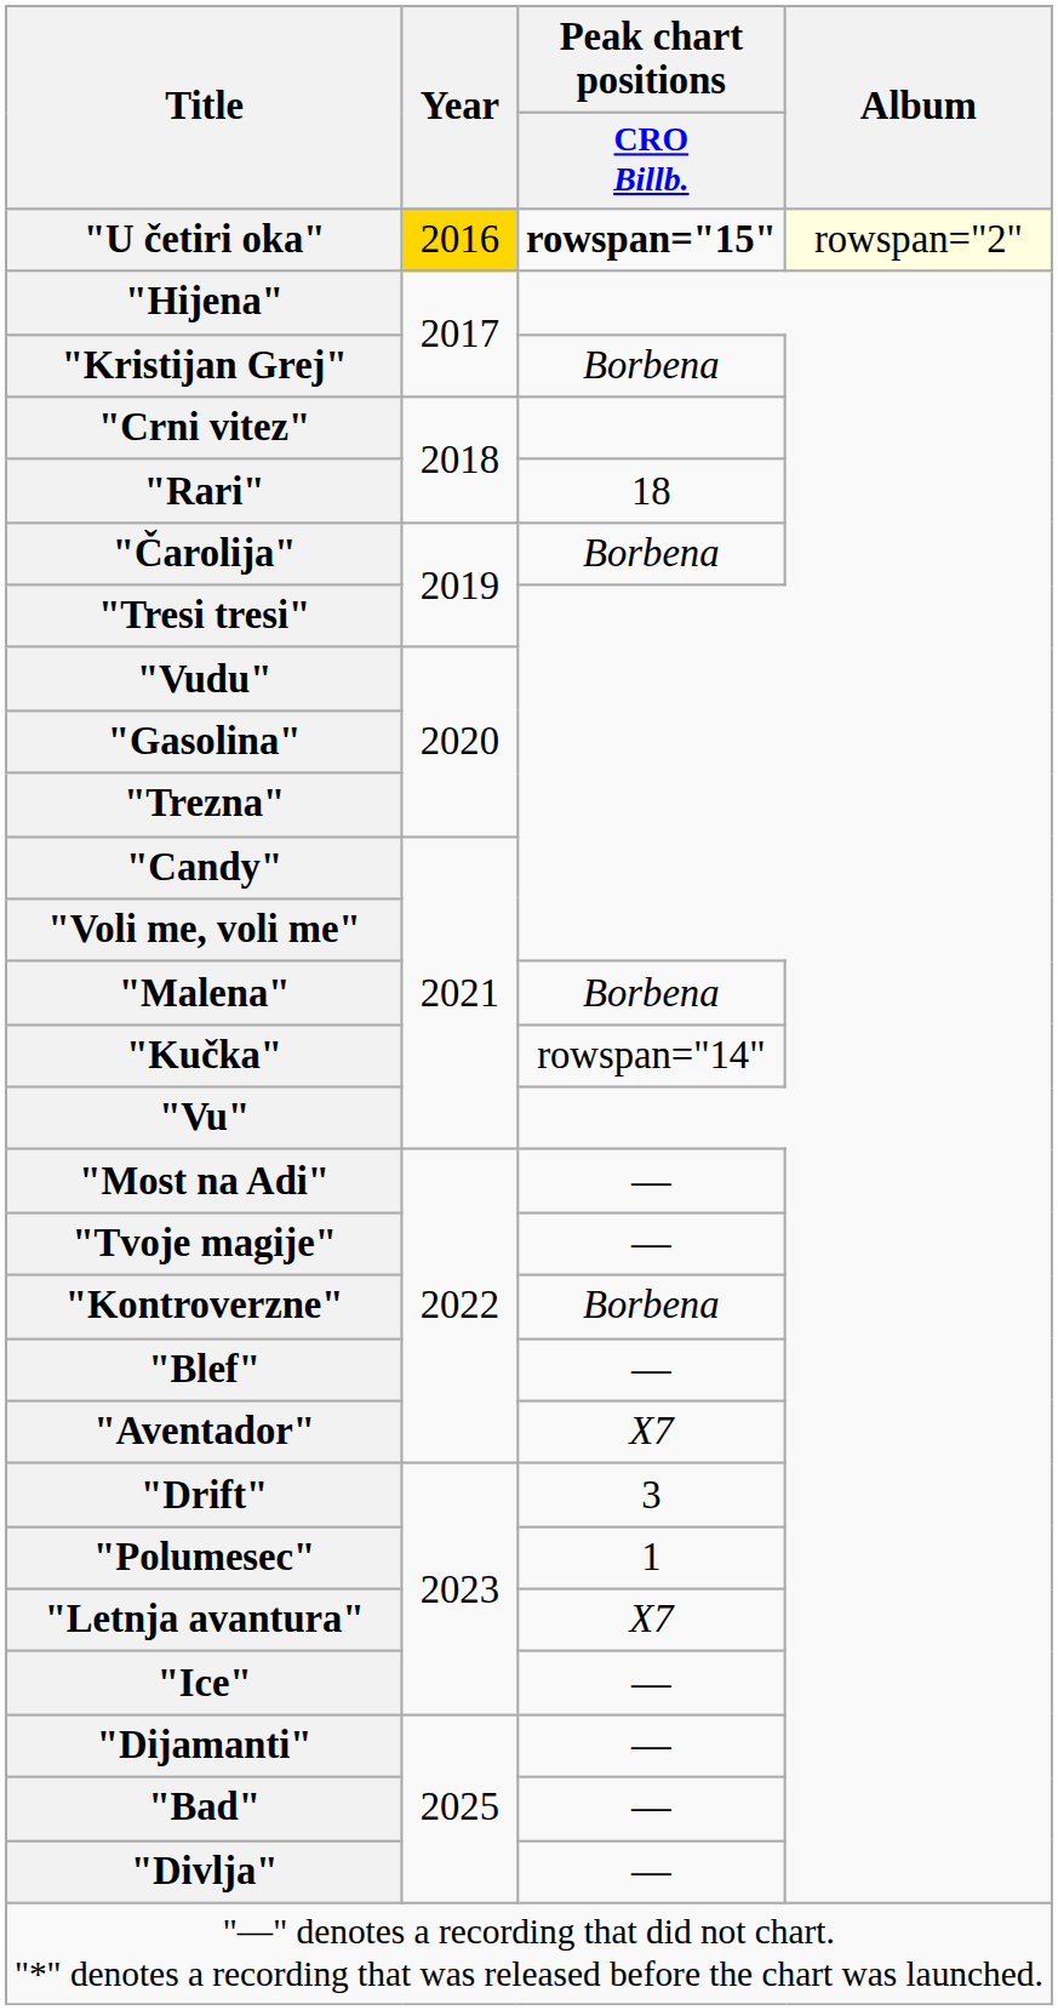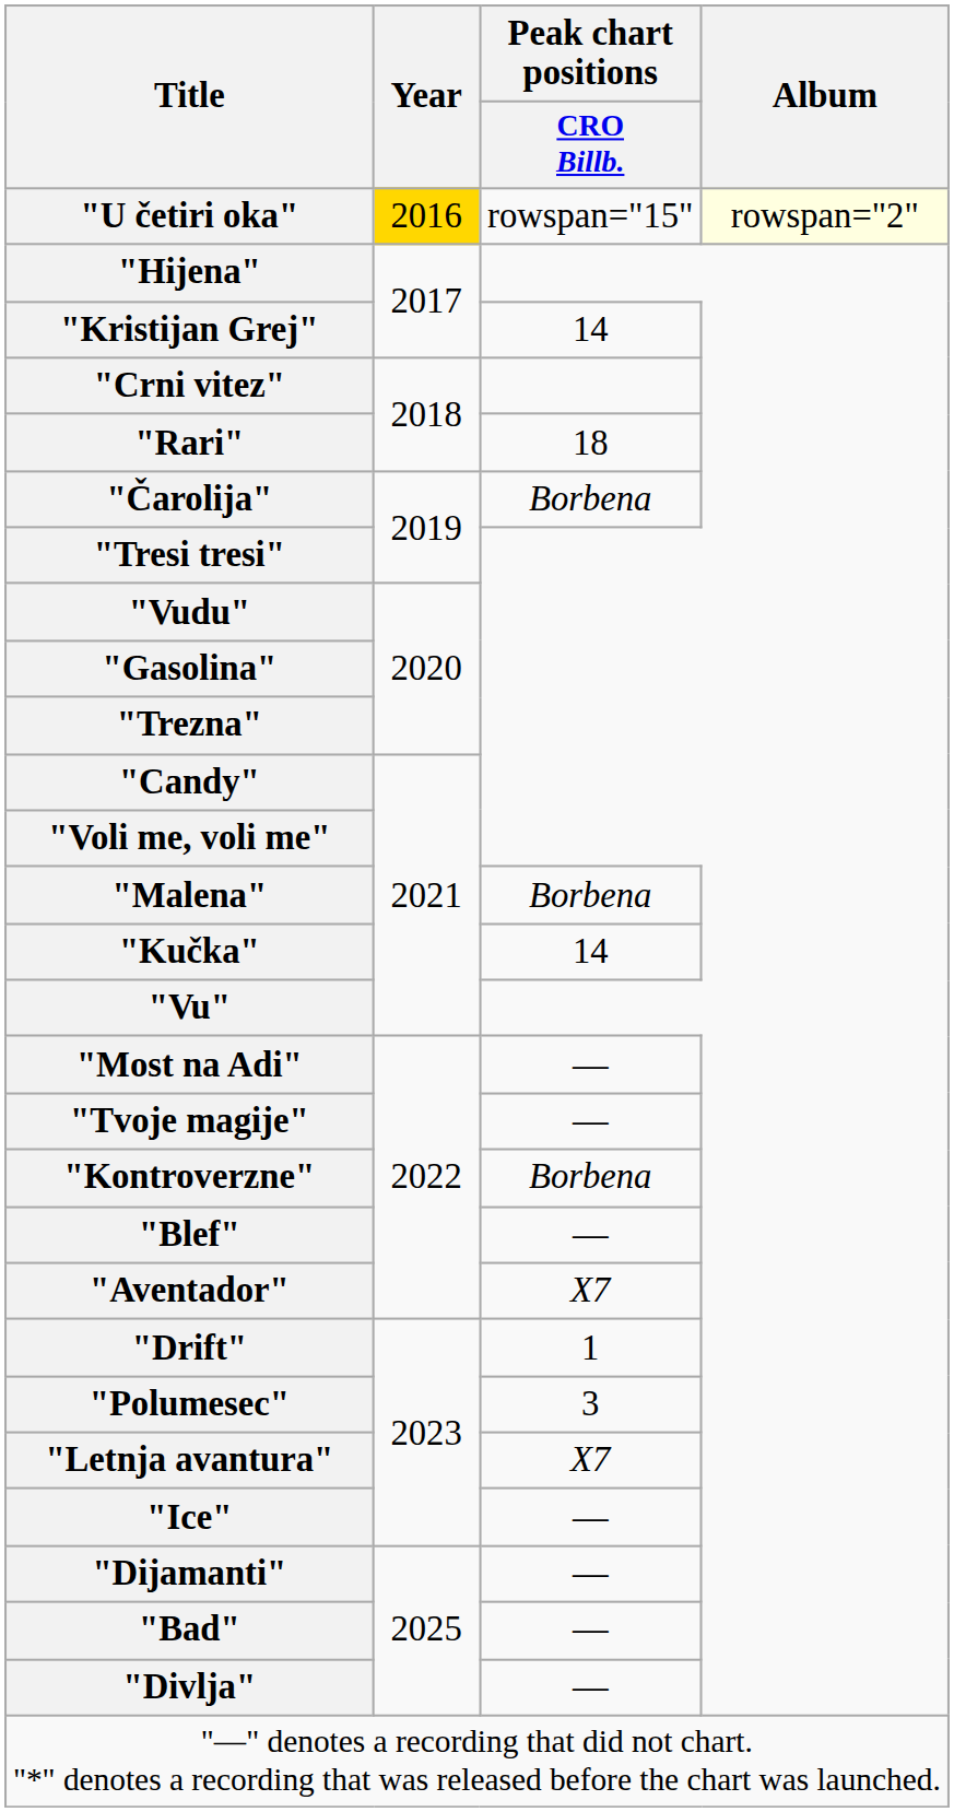 <table class="wikitable plainrowheaders" style="text-align:center;">
 <tr>
 <th scope="col" rowspan="2">Title</th>
 <th scope="col" rowspan="2">Year</th>
 <th scope="col">Peak chart positions</th>
 <th scope="col" rowspan="2">Album</th>
 </tr>
 <tr>
 <th scope="col" style="width:2.5em; font-size:85%"><a href='#'>CRO<br><em>Billb.</em></a><br></th>
 </tr>
 <tr>
 <th scope="row">"U četiri oka"</th>
 <td style="background: gold;">2016</td>
-<td><strong>rowspan="15" </strong></td>
+<td>rowspan="15" </td>
 <td style="background: lightyellow;">rowspan="2" </td>
 </tr>
 <tr>
 <th scope="row">"Hijena"<br></th>
 <td rowspan="2">2017</td>
 </tr>
 <tr>
 <th scope="row">"Kristijan Grej"</th>
-<td><em>Borbena</em></td>
+<td>14</td>
 </tr>
 <tr>
 <th scope="row">"Crni vitez"</th>
 <td rowspan="2">2018</td>
 <td></td>
 </tr>
 <tr>
 <th scope="row">"Rari"<br></th>
 <td>18</td>
 </tr>
 <tr>
 <th scope="row">"Čarolija"</th>
 <td rowspan="2">2019</td>
 <td><em>Borbena</em></td>
 </tr>
 <tr>
 <th scope="row">"Tresi tresi"</th>
 </tr>
 <tr>
 <th scope="row">"Vudu"<br></th>
 <td rowspan="3">2020</td>
 </tr>
 <tr>
 <th scope="row">"Gasolina"</th>
 </tr>
 <tr>
 <th scope="row">"Trezna"</th>
 </tr>
 <tr>
 <th scope="row">"Candy"<br></th>
 <td rowspan="5">2021</td>
 </tr>
 <tr>
 <th scope="row">"Voli me, voli me"<br></th>
 </tr>
 <tr>
 <th scope="row">"Malena"<br></th>
 <td><em>Borbena</em></td>
 </tr>
 <tr>
 <th scope="row">"Kučka"</th>
-<td>rowspan="14" </td>
+<td>14</td>
 </tr>
 <tr>
 <th scope="row">"Vu"</th>
 </tr>
 <tr>
 <th scope="row">"Most na Adi"</th>
 <td rowspan="5">2022</td>
 <td>—</td>
 </tr>
 <tr>
 <th scope="row">"Tvoje magije"</th>
 <td>—</td>
 </tr>
 <tr>
 <th scope="row">"Kontroverzne"<br></th>
 <td><em>Borbena</em></td>
 </tr>
 <tr>
 <th scope="row">"Blef"<br></th>
 <td>—</td>
 </tr>
 <tr>
 <th scope="row">"Aventador"<br></th>
 <td><em>X7</em></td>
 </tr>
 <tr>
 <th scope="row">"Drift"<br></th>
 <td rowspan="4">2023</td>
-<td>3</td>
+<td>1</td>
 </tr>
 <tr>
 <th scope="row">"Polumesec"</th>
-<td>1</td>
+<td>3</td>
 </tr>
 <tr>
 <th scope="row">"Letnja avantura"<br></th>
 <td><em>X7</em></td>
 </tr>
 <tr>
 <th scope="row">"Ice"<br></th>
 <td>—</td>
 </tr>
 <tr>
 <th scope="row">"Dijamanti"</th>
 <td rowspan="3">2025</td>
 <td>—</td>
 </tr>
 <tr>
 <th scope="row">"Bad"</th>
 <td>—</td>
 </tr>
 <tr>
 <th scope="row">"Divlja"<br></th>
 <td>—</td>
 </tr>
 <tr>
 <td colspan="4" style="font-size:90%">"—" denotes a recording that did not chart.<br>"*" denotes a recording that was released before the chart was launched.</td>
 </tr>
 </table>
